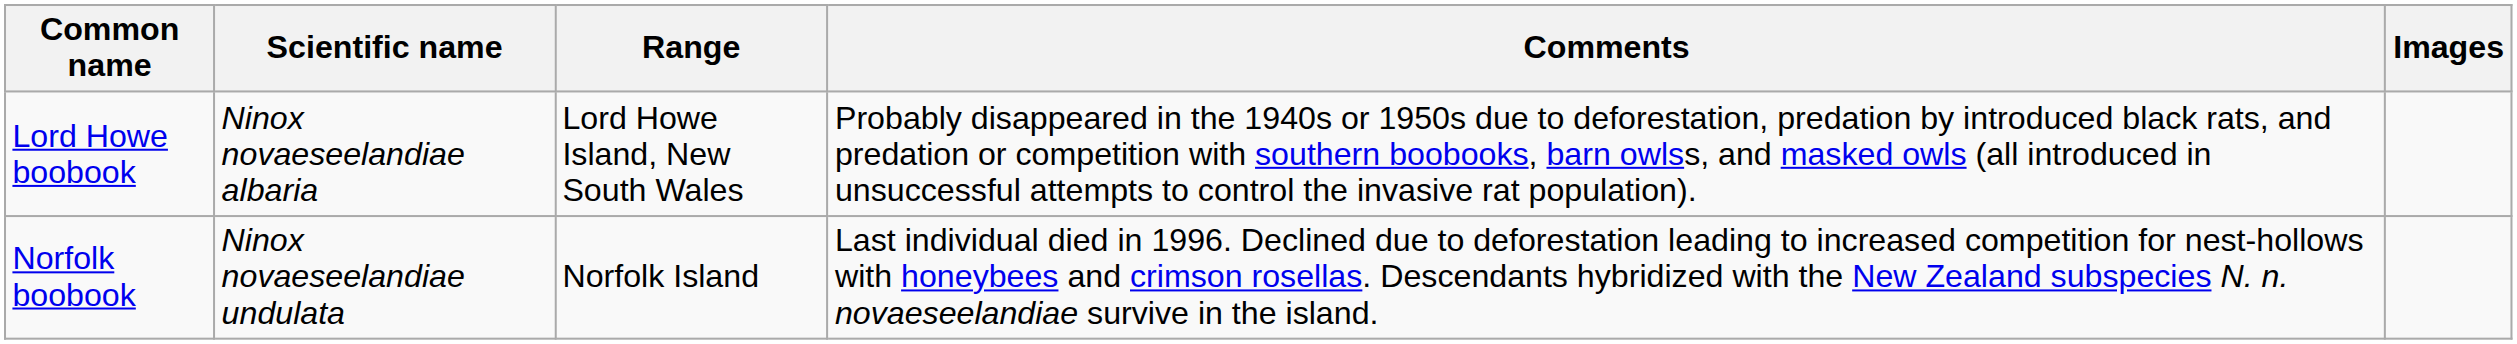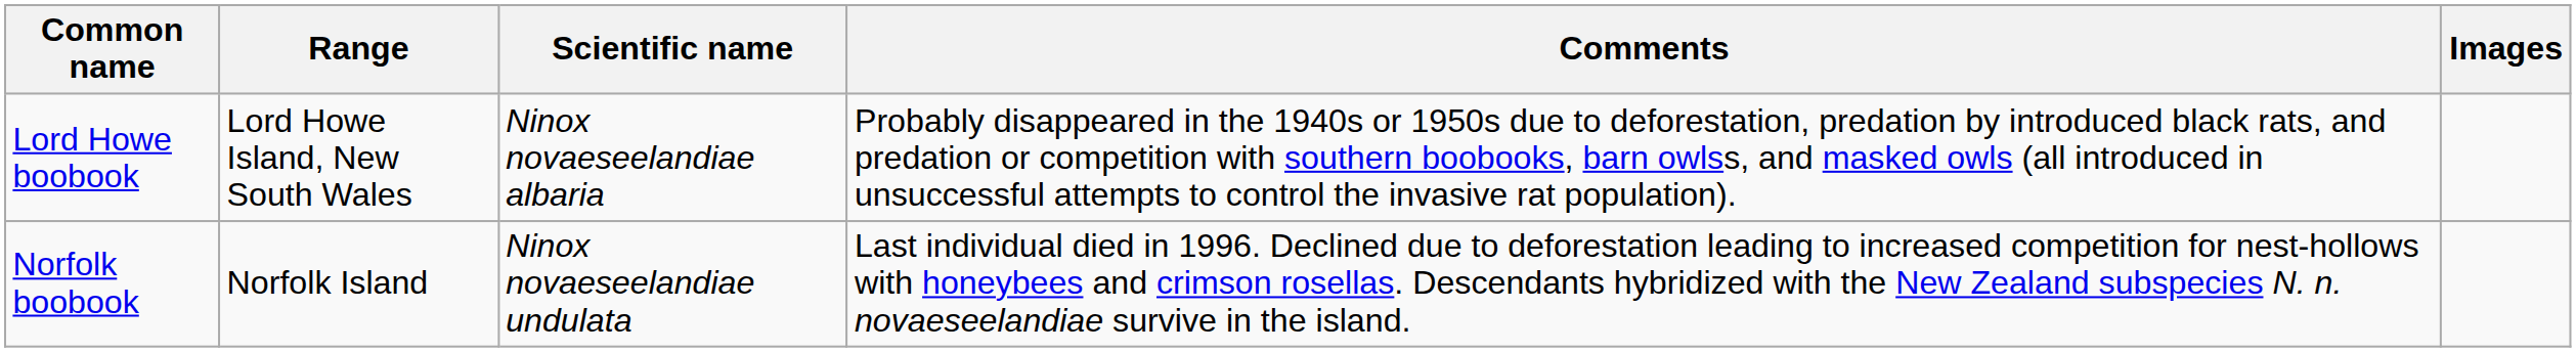 <table class="wikitable">
 <tr>
 <th>Common name</th>
+<th>Range</th>
 <th>Scientific name</th>
-<th>Range</th>
 <th class="unsortable">Comments</th>
 <th>Images</th>
 </tr>
 <tr>
 <td><a href='#'>Lord Howe boobook</a></td>
+<td>Lord Howe Island, New South Wales</td>
 <td><em>Ninox novaeseelandiae albaria</em></td>
-<td>Lord Howe Island, New South Wales</td>
 <td>Probably disappeared in the 1940s or 1950s due to deforestation, predation by introduced black rats, and predation or competition with <a href='#'>southern boobooks</a>, <a href='#'>barn owls</a>s, and <a href='#'>masked owls</a> (all introduced in unsuccessful attempts to control the invasive rat population).</td>
 <td></td>
 </tr>
 <tr>
 <td><a href='#'>Norfolk boobook</a></td>
+<td>Norfolk Island</td>
 <td><em>Ninox novaeseelandiae undulata</em></td>
-<td>Norfolk Island</td>
 <td>Last individual died in 1996. Declined due to deforestation leading to increased competition for nest-hollows with <a href='#'>honeybees</a> and <a href='#'>crimson rosellas</a>. Descendants hybridized with the <a href='#'>New Zealand subspecies</a> <em>N. n. novaeseelandiae</em> survive in the island.</td>
 <td></td>
 </tr>
 </table>
